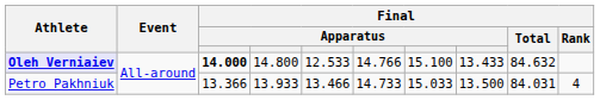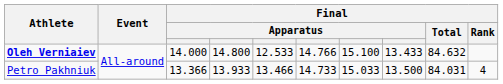 <table class="wikitable" style="font-size:90%">
 <tr>
 <th rowspan=3>Athlete</th>
 <th rowspan=3>Event</th>
 <th colspan =8>Final</th>
 </tr>
 <tr style="font-size:95%">
 <th colspan=6>Apparatus</th>
 <th rowspan=2>Total</th>
 <th rowspan=2>Rank</th>
 </tr>
 <tr style="font-size:95%">
 <th></th>
 <th></th>
 <th></th>
 <th></th>
 <th></th>
 <th></th>
 </tr>
 <tr align=center>
-<td align=left style="background: lavender;"><strong><a href='#'>Oleh Verniaiev</a></strong></td>
+<td align=left><strong><a href='#'>Oleh Verniaiev</a></strong></td>
 <td align=left rowspan="2"><a href='#'>All-around</a></td>
-<td><strong>14.000</strong></td>
+<td>14.000</td>
 <td>14.800</td>
 <td>12.533</td>
 <td>14.766</td>
 <td>15.100</td>
 <td>13.433</td>
 <td>84.632</td>
 <td></td>
 </tr>
 <tr align=center>
 <td align=left><a href='#'>Petro Pakhniuk</a></td>
 <td>13.366</td>
 <td>13.933</td>
 <td>13.466</td>
 <td>14.733</td>
 <td>15.033</td>
 <td>13.500</td>
 <td>84.031</td>
 <td>4</td>
 </tr>
 </table>
